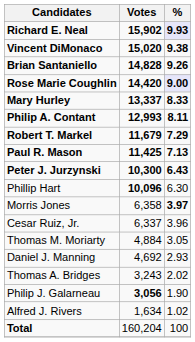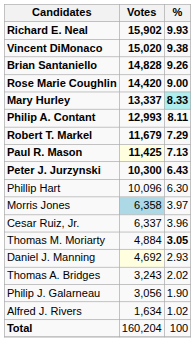 <table class=wikitable>
 <tr>
 <th>Candidates</th>
 <th>Votes</th>
 <th>%</th>
 </tr>
 <tr>
 <td><strong>Richard E. Neal</strong></td>
 <td align="right"><strong>15,902</strong></td>
-<td align="right" style="background: lavender;"><strong>9.93</strong></td>
+<td align="right"><strong>9.93</strong></td>
 </tr>
 <tr>
 <td><strong>Vincent DiMonaco</strong></td>
 <td align="right"><strong>15,020</strong></td>
 <td align="right"><strong>9.38</strong></td>
 </tr>
 <tr>
 <td><strong>Brian Santaniello</strong></td>
 <td align="right"><strong>14,828</strong></td>
 <td align="right"><strong>9.26</strong></td>
 </tr>
 <tr>
 <td><strong>Rose Marie Coughlin</strong></td>
 <td align="right"><strong>14,420</strong></td>
-<td align="right" style="background: lavender;"><strong>9.00</strong></td>
+<td align="right"><strong>9.00</strong></td>
 </tr>
 <tr>
 <td><strong>Mary Hurley</strong></td>
 <td align="right"><strong>13,337</strong></td>
-<td align="right"><strong>8.33</strong></td>
+<td align="right" style="background: paleturquoise;"><strong>8.33</strong></td>
 </tr>
 <tr>
 <td><strong>Philip A. Contant</strong></td>
 <td align="right"><strong>12,993</strong></td>
 <td align="right"><strong>8.11</strong></td>
 </tr>
 <tr>
 <td><strong>Robert T. Markel</strong></td>
 <td align="right"><strong>11,679</strong></td>
 <td align="right"><strong>7.29</strong></td>
 </tr>
 <tr>
 <td><strong>Paul R. Mason</strong></td>
-<td align="right"><strong>11,425</strong></td>
+<td align="right" style="background: lightyellow;"><strong>11,425</strong></td>
 <td align="right"><strong>7.13</strong></td>
 </tr>
 <tr>
 <td><strong>Peter J. Jurzynski</strong></td>
 <td align="right"><strong>10,300</strong></td>
 <td align="right"><strong>6.43</strong></td>
 </tr>
 <tr>
 <td>Phillip Hart</td>
-<td align="right"><strong>10,096</strong></td>
+<td align="right">10,096</td>
 <td align="right">6.30</td>
 </tr>
 <tr>
 <td>Morris Jones</td>
-<td align="right">6,358</td>
-<td align="right"><strong>3.97</strong></td>
+<td align="right" style="background: lightblue;">6,358</td>
+<td align="right">3.97</td>
 </tr>
 <tr>
 <td>Cesar Ruiz, Jr.</td>
 <td align="right">6,337</td>
 <td align="right">3.96</td>
 </tr>
 <tr>
 <td>Thomas M. Moriarty</td>
 <td align="right">4,884</td>
-<td align="right">3.05</td>
+<td align="right"><strong>3.05</strong></td>
 </tr>
 <tr>
 <td>Daniel J. Manning</td>
-<td align="right">4,692</td>
+<td align="right" style="background: lightyellow;">4,692</td>
 <td align="right">2.93</td>
 </tr>
 <tr>
 <td>Thomas A. Bridges</td>
 <td align="right">3,243</td>
 <td align="right">2.02</td>
 </tr>
 <tr>
 <td>Philip J. Galarneau</td>
-<td align="right"><strong>3,056</strong></td>
+<td align="right">3,056</td>
 <td align="right">1.90</td>
 </tr>
 <tr>
 <td>Alfred J. Rivers</td>
 <td align="right">1,634</td>
 <td align="right">1.02</td>
 </tr>
 <tr>
 <td><strong>Total</strong></td>
 <td align="right">160,204</td>
 <td align="right">100</td>
 </tr>
 <tr>
 </tr>
 </table>
